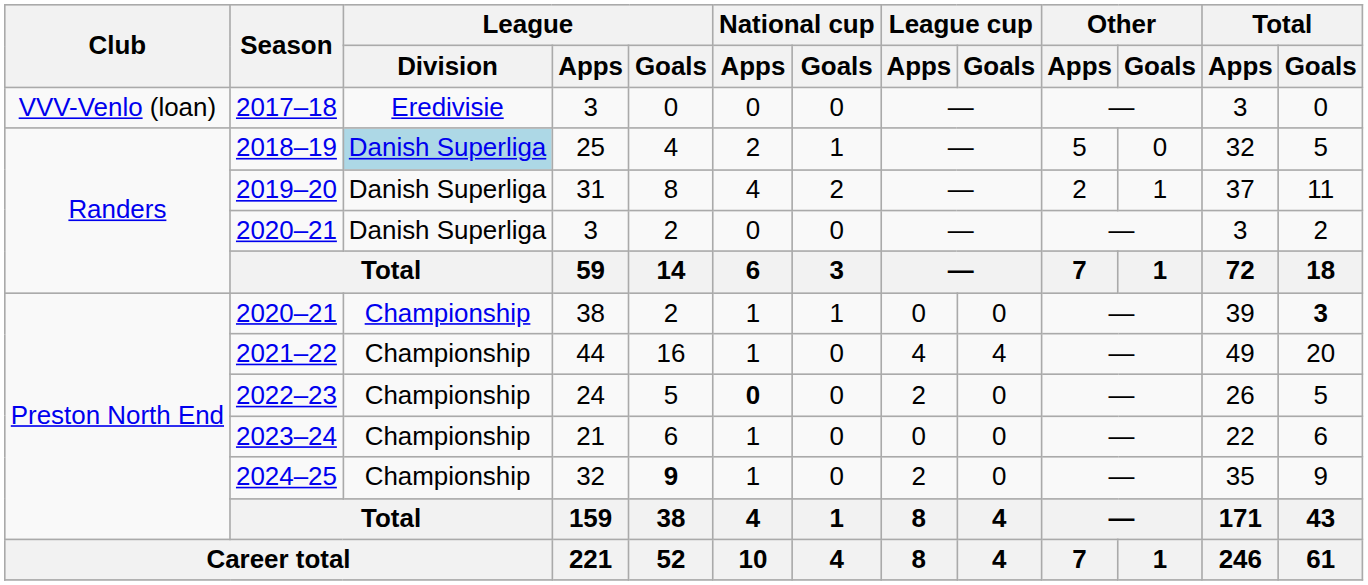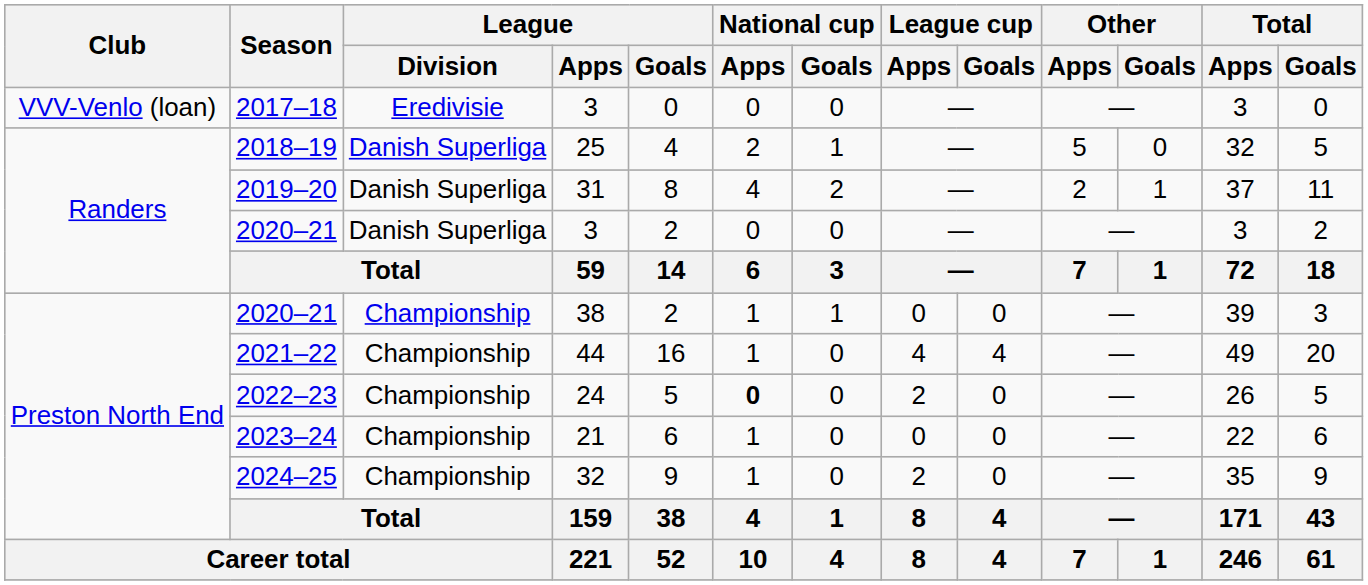 <table class="wikitable" style="text-align:center">
 <tr>
 <th rowspan="2">Club</th>
 <th rowspan="2">Season</th>
 <th colspan="3">League</th>
 <th colspan="2">National cup</th>
 <th colspan="2">League cup</th>
 <th colspan="2">Other</th>
 <th colspan="2">Total</th>
 </tr>
 <tr>
 <th>Division</th>
 <th>Apps</th>
 <th>Goals</th>
 <th>Apps</th>
 <th>Goals</th>
 <th>Apps</th>
 <th>Goals</th>
 <th>Apps</th>
 <th>Goals</th>
 <th>Apps</th>
 <th>Goals</th>
 </tr>
 <tr>
 <td><a href='#'>VVV-Venlo</a> (loan)</td>
 <td><a href='#'>2017–18</a></td>
 <td><a href='#'>Eredivisie</a></td>
 <td>3</td>
 <td>0</td>
 <td>0</td>
 <td>0</td>
 <td colspan="2">—</td>
 <td colspan="2">—</td>
 <td>3</td>
 <td>0</td>
 </tr>
 <tr>
 <td rowspan="4"><a href='#'>Randers</a></td>
 <td><a href='#'>2018–19</a></td>
-<td style="background: lightblue;"><a href='#'>Danish Superliga</a></td>
+<td><a href='#'>Danish Superliga</a></td>
 <td>25</td>
 <td>4</td>
 <td>2</td>
 <td>1</td>
 <td colspan="2">—</td>
 <td>5</td>
 <td>0</td>
 <td>32</td>
 <td>5</td>
 </tr>
 <tr>
 <td><a href='#'>2019–20</a></td>
 <td>Danish Superliga</td>
 <td>31</td>
 <td>8</td>
 <td>4</td>
 <td>2</td>
 <td colspan="2">—</td>
 <td>2</td>
 <td>1</td>
 <td>37</td>
 <td>11</td>
 </tr>
 <tr>
 <td><a href='#'>2020–21</a></td>
 <td>Danish Superliga</td>
 <td>3</td>
 <td>2</td>
 <td>0</td>
 <td>0</td>
 <td colspan="2">—</td>
 <td colspan="2">—</td>
 <td>3</td>
 <td>2</td>
 </tr>
 <tr>
 <th colspan="2">Total</th>
 <th>59</th>
 <th>14</th>
 <th>6</th>
 <th>3</th>
 <th colspan="2">—</th>
 <th>7</th>
 <th>1</th>
 <th>72</th>
 <th>18</th>
 </tr>
 <tr>
 <td rowspan="6"><a href='#'>Preston North End</a></td>
 <td><a href='#'>2020–21</a></td>
 <td><a href='#'>Championship</a></td>
 <td>38</td>
 <td>2</td>
 <td>1</td>
 <td>1</td>
 <td>0</td>
 <td>0</td>
 <td colspan="2">—</td>
 <td>39</td>
-<td><strong>3</strong></td>
+<td>3</td>
 </tr>
 <tr>
 <td><a href='#'>2021–22</a></td>
 <td>Championship</td>
 <td>44</td>
 <td>16</td>
 <td>1</td>
 <td>0</td>
 <td>4</td>
 <td>4</td>
 <td colspan="2">—</td>
 <td>49</td>
 <td>20</td>
 </tr>
 <tr>
 <td><a href='#'>2022–23</a></td>
 <td>Championship</td>
 <td>24</td>
 <td>5</td>
 <td><strong>0</strong></td>
 <td>0</td>
 <td>2</td>
 <td>0</td>
 <td colspan="2">—</td>
 <td>26</td>
 <td>5</td>
 </tr>
 <tr>
 <td><a href='#'>2023–24</a></td>
 <td>Championship</td>
 <td>21</td>
 <td>6</td>
 <td>1</td>
 <td>0</td>
 <td>0</td>
 <td>0</td>
 <td colspan="2">—</td>
 <td>22</td>
 <td>6</td>
 </tr>
 <tr>
 <td><a href='#'>2024–25</a></td>
 <td>Championship</td>
 <td>32</td>
-<td><strong>9</strong></td>
+<td>9</td>
 <td>1</td>
 <td>0</td>
 <td>2</td>
 <td>0</td>
 <td colspan="2">—</td>
 <td>35</td>
 <td>9</td>
 </tr>
 <tr>
 <th colspan="2">Total</th>
 <th>159</th>
 <th>38</th>
 <th>4</th>
 <th>1</th>
 <th>8</th>
 <th>4</th>
 <th colspan="2">—</th>
 <th>171</th>
 <th>43</th>
 </tr>
 <tr>
 <th colspan="3">Career total</th>
 <th>221</th>
 <th>52</th>
 <th>10</th>
 <th>4</th>
 <th>8</th>
 <th>4</th>
 <th>7</th>
 <th>1</th>
 <th>246</th>
 <th>61</th>
 </tr>
 </table>
